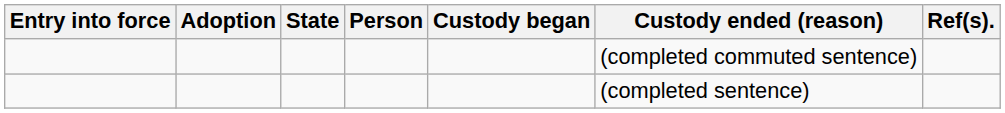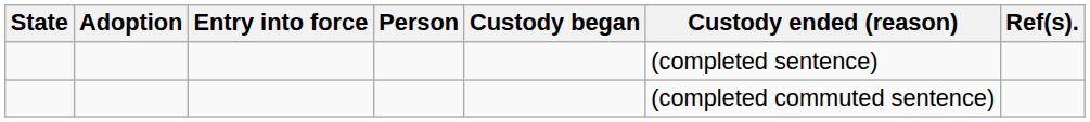 <table class="wikitable sortable">
 <tr>
+<th>State</th>
+<th>Adoption</th>
 <th>Entry into force</th>
-<th>Adoption</th>
-<th>State</th>
 <th>Person</th>
 <th>Custody began</th>
 <th>Custody ended (reason)</th>
 <th class="unsortable">Ref(s).</th>
 </tr>
 <tr>
 <td></td>
 <td></td>
 <td></td>
 <td></td>
 <td></td>
-<td> (completed commuted sentence)</td>
+<td> (completed sentence)</td>
 <td align="center"></td>
 </tr>
 <tr>
 <td></td>
 <td></td>
 <td></td>
 <td></td>
 <td></td>
-<td> (completed sentence)</td>
+<td> (completed commuted sentence)</td>
 <td align="center"></td>
 </tr>
 </table>
